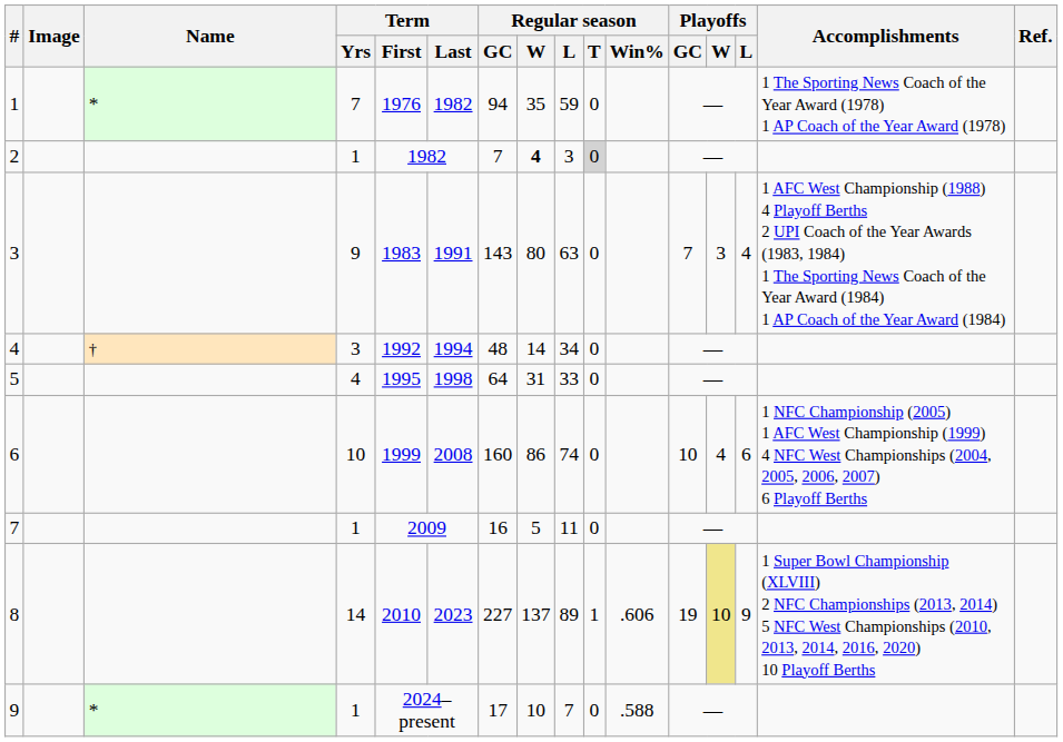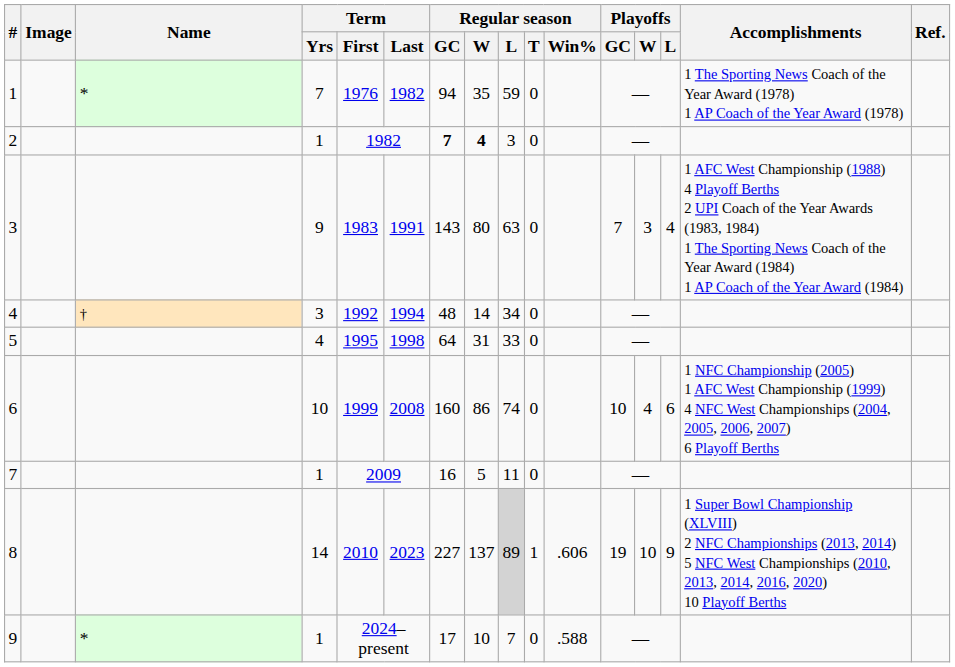 <table class="wikitable sortable" style="text-align:center">
 <tr>
 <th rowspan="2" class="unsortable">#</th>
 <th rowspan="2" class="unsortable">Image</th>
 <th rowspan="2" width="200">Name</th>
 <th colspan="3">Term</th>
 <th colspan="5">Regular season</th>
 <th colspan="3">Playoffs</th>
 <th rowspan="2" class="unsortable">Accomplishments</th>
 <th rowspan="2" class="unsortable">Ref.</th>
 </tr>
 <tr>
 <th>Yrs</th>
 <th>First</th>
 <th>Last</th>
 <th>GC</th>
 <th>W</th>
 <th>L</th>
 <th class="unsortable">T</th>
 <th>Win%</th>
 <th>GC</th>
 <th>W</th>
 <th>L</th>
 </tr>
 <tr>
 <td>1</td>
 <td></td>
 <td align="left" style="background:#dfd;">*</td>
 <td>7</td>
 <td><a href='#'>1976</a></td>
 <td><a href='#'>1982</a></td>
 <td>94</td>
 <td>35</td>
 <td>59</td>
 <td>0</td>
 <td></td>
 <td colspan="3">—</td>
 <td align="left"><small> 1 <a href='#'>The Sporting News</a> Coach of the Year Award (1978)<br>1 <a href='#'>AP Coach of the Year Award</a> (1978)  </small></td>
 <td></td>
 </tr>
 <tr>
 <td>2</td>
 <td></td>
 <td align="left"></td>
 <td>1</td>
 <td colspan="2"><a href='#'>1982</a></td>
-<td>7</td>
+<td><strong>7</strong></td>
 <td><strong>4</strong></td>
 <td>3</td>
-<td style="background: lightgrey;">0</td>
+<td>0</td>
 <td></td>
 <td colspan="3">—</td>
 <td></td>
 <td></td>
 </tr>
 <tr>
 <td>3</td>
 <td></td>
 <td align="left"></td>
 <td>9</td>
 <td><a href='#'>1983</a></td>
 <td><a href='#'>1991</a></td>
 <td>143</td>
 <td>80</td>
 <td>63</td>
 <td>0</td>
 <td></td>
 <td>7</td>
 <td>3</td>
 <td>4</td>
 <td align="left"><small>1 <a href='#'>AFC West</a> Championship (<a href='#'>1988</a>)<br>4 <a href='#'>Playoff Berths</a> <br>2 <a href='#'>UPI</a> Coach of the Year Awards (1983, 1984)<br>1 <a href='#'>The Sporting News</a> Coach of the Year Award (1984)<br>1 <a href='#'>AP Coach of the Year Award</a> (1984)</small></td>
 <td></td>
 </tr>
 <tr>
 <td>4</td>
 <td></td>
 <td style="text-align:left; background-color:#FFE6BD;"><small>†</small></td>
 <td>3</td>
 <td><a href='#'>1992</a></td>
 <td><a href='#'>1994</a></td>
 <td>48</td>
 <td>14</td>
 <td>34</td>
 <td>0</td>
 <td></td>
 <td colspan="3">—</td>
 <td></td>
 <td></td>
 </tr>
 <tr>
 <td>5</td>
 <td></td>
 <td align="left"></td>
 <td>4</td>
 <td><a href='#'>1995</a></td>
 <td><a href='#'>1998</a></td>
 <td>64</td>
 <td>31</td>
 <td>33</td>
 <td>0</td>
 <td></td>
 <td colspan="3">—</td>
 <td></td>
 <td></td>
 </tr>
 <tr>
 <td>6</td>
 <td></td>
 <td align="left"></td>
 <td>10</td>
 <td><a href='#'>1999</a></td>
 <td><a href='#'>2008</a></td>
 <td>160</td>
 <td>86</td>
 <td>74</td>
 <td>0</td>
 <td></td>
 <td>10</td>
 <td>4</td>
 <td>6</td>
 <td align="left"><small>1 <a href='#'>NFC Championship</a> (<a href='#'>2005</a>)<br>1 <a href='#'>AFC West</a> Championship (<a href='#'>1999</a>)<br>4 <a href='#'>NFC West</a> Championships (<a href='#'>2004</a>, <a href='#'>2005</a>, <a href='#'>2006</a>, <a href='#'>2007</a>)<br>6 <a href='#'>Playoff Berths</a> </small></td>
 <td></td>
 </tr>
 <tr>
 <td>7</td>
 <td></td>
 <td align="left"></td>
 <td>1</td>
 <td colspan="2"><a href='#'>2009</a></td>
 <td>16</td>
 <td>5</td>
 <td>11</td>
 <td>0</td>
 <td></td>
 <td colspan="3">—</td>
 <td></td>
 <td></td>
 </tr>
 <tr>
 <td>8</td>
 <td></td>
 <td align="left"></td>
 <td>14</td>
 <td><a href='#'>2010</a></td>
 <td><a href='#'>2023</a></td>
 <td>227</td>
 <td>137</td>
-<td>89</td>
+<td style="background: lightgrey;">89</td>
 <td>1</td>
 <td>.606</td>
 <td>19</td>
-<td style="background: khaki;">10</td>
+<td>10</td>
 <td>9</td>
 <td align="left"><small>1 <a href='#'>Super Bowl Championship</a> (<a href='#'>XLVIII</a>) <br>2 <a href='#'>NFC Championships</a> (<a href='#'>2013</a>, <a href='#'>2014</a>)<br>5 <a href='#'>NFC West</a> Championships (<a href='#'>2010</a>, <a href='#'>2013</a>, <a href='#'>2014</a>, <a href='#'>2016</a>, <a href='#'>2020</a>)<br>10 <a href='#'>Playoff Berths</a> </small></td>
 <td></td>
 </tr>
 <tr>
 <td>9</td>
 <td></td>
 <td align="left" style="background-color:#ddffdd">*</td>
 <td>1</td>
 <td colspan="2"><a href='#'>2024</a>–present</td>
 <td>17</td>
 <td>10</td>
 <td>7</td>
 <td>0</td>
 <td>.588</td>
 <td colspan="3">—</td>
 <td></td>
 <td></td>
 </tr>
 </table>
